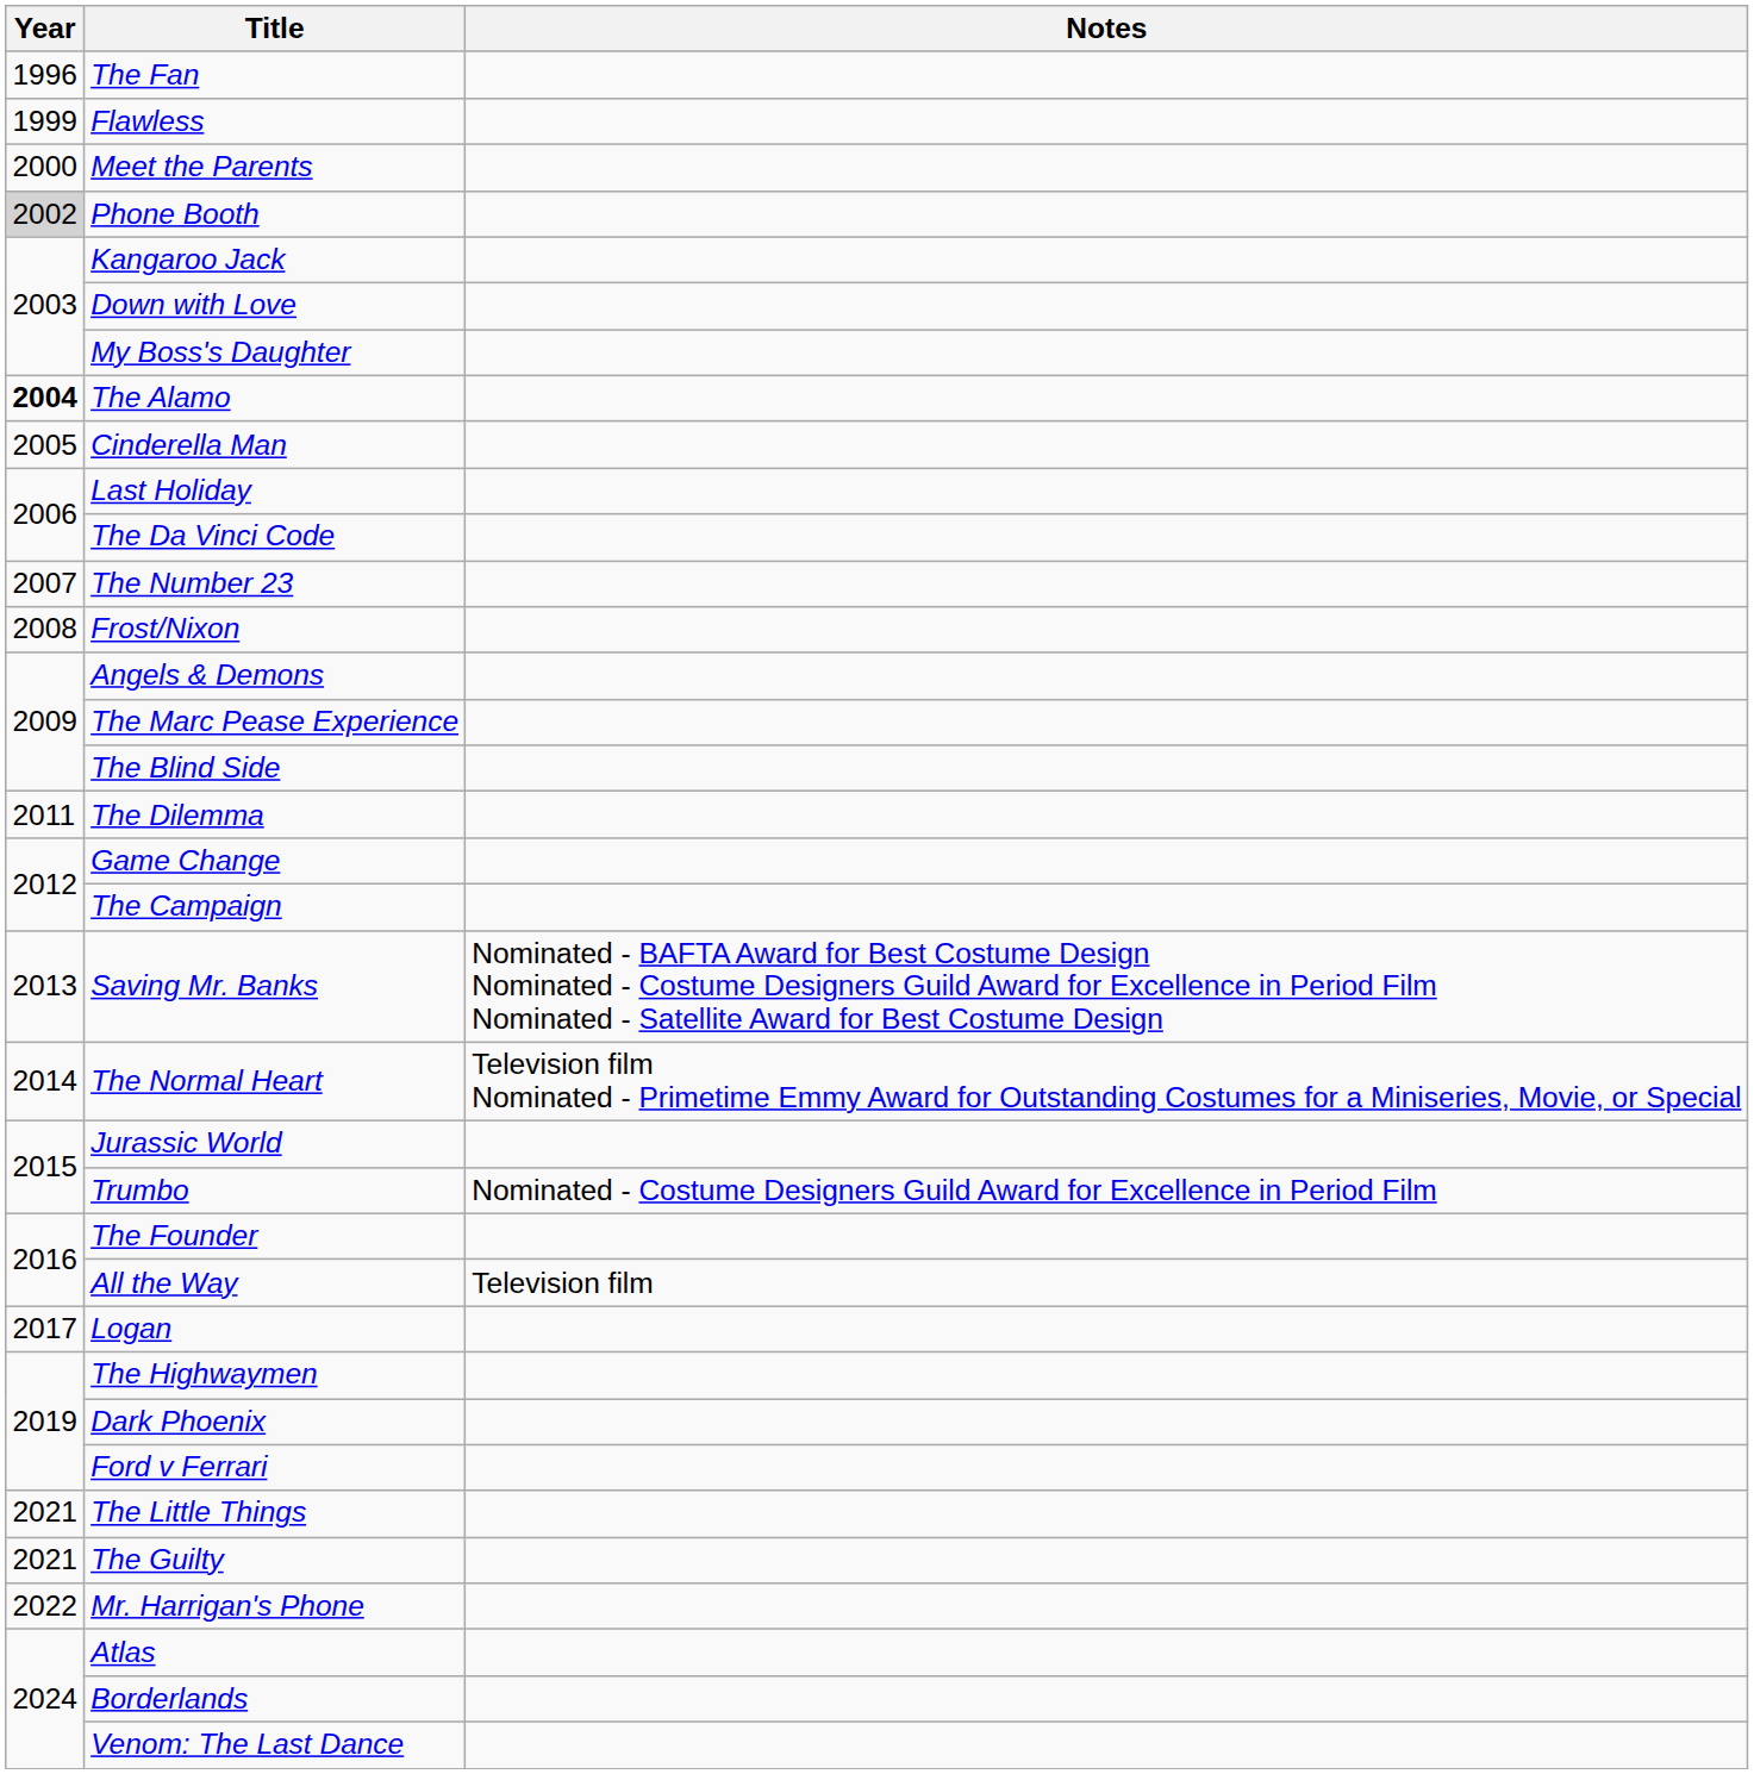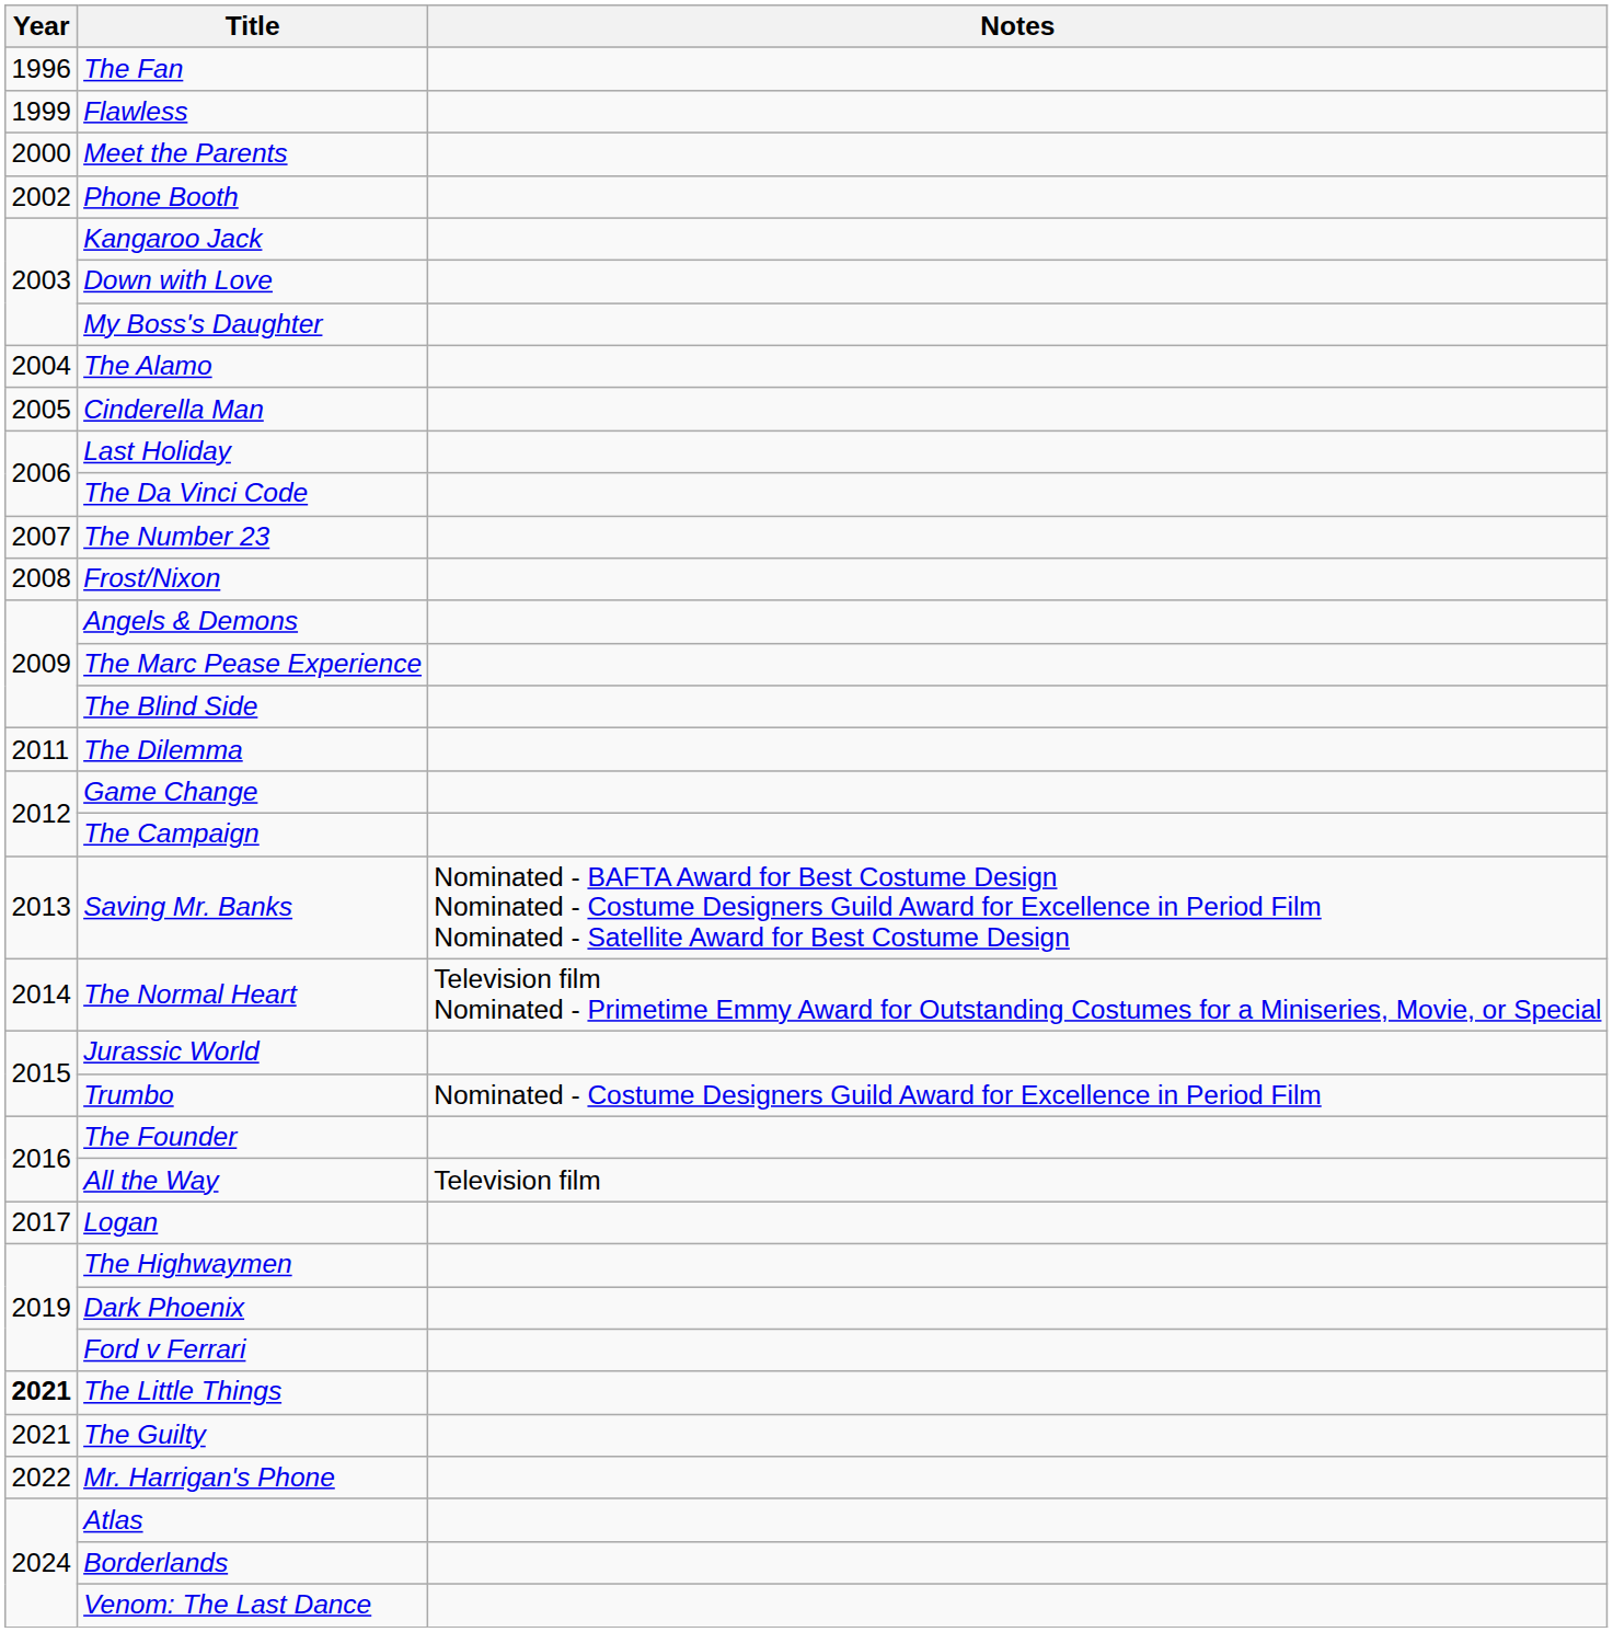 <table class="wikitable">
 <tr>
 <th>Year</th>
 <th>Title</th>
 <th class="unsortable">Notes</th>
 </tr>
 <tr>
 <td>1996</td>
 <td><em><a href='#'>The Fan</a></em></td>
 <td></td>
 </tr>
 <tr>
 <td>1999</td>
 <td><em><a href='#'>Flawless</a></em></td>
 <td></td>
 </tr>
 <tr>
 <td>2000</td>
 <td><em><a href='#'>Meet the Parents</a></em></td>
 <td></td>
 </tr>
 <tr>
-<td style="background: lightgrey;">2002</td>
+<td>2002</td>
 <td><em><a href='#'>Phone Booth</a></em></td>
 <td></td>
 </tr>
 <tr>
 <td rowspan=3>2003</td>
 <td><em><a href='#'>Kangaroo Jack</a></em></td>
 <td></td>
 </tr>
 <tr>
 <td><em><a href='#'>Down with Love</a></em></td>
 <td></td>
 </tr>
 <tr>
 <td><em><a href='#'>My Boss's Daughter</a></em></td>
 <td></td>
 </tr>
 <tr>
-<td><strong>2004</strong></td>
+<td>2004</td>
 <td><em><a href='#'>The Alamo</a></em></td>
 <td></td>
 </tr>
 <tr>
 <td>2005</td>
 <td><em><a href='#'>Cinderella Man</a></em></td>
 <td></td>
 </tr>
 <tr>
 <td rowspan=2>2006</td>
 <td><em><a href='#'>Last Holiday</a></em></td>
 <td></td>
 </tr>
 <tr>
 <td><em><a href='#'>The Da Vinci Code</a></em></td>
 <td></td>
 </tr>
 <tr>
 <td>2007</td>
 <td><em><a href='#'>The Number 23</a></em></td>
 <td></td>
 </tr>
 <tr>
 <td>2008</td>
 <td><em><a href='#'>Frost/Nixon</a></em></td>
 <td></td>
 </tr>
 <tr>
 <td rowspan=3>2009</td>
 <td><em><a href='#'>Angels & Demons</a></em></td>
 <td></td>
 </tr>
 <tr>
 <td><em><a href='#'>The Marc Pease Experience</a></em></td>
 <td></td>
 </tr>
 <tr>
 <td><em><a href='#'>The Blind Side</a></em></td>
 <td></td>
 </tr>
 <tr>
 <td>2011</td>
 <td><em><a href='#'>The Dilemma</a></em></td>
 <td></td>
 </tr>
 <tr>
 <td rowspan=2>2012</td>
 <td><em><a href='#'>Game Change</a></em></td>
 <td></td>
 </tr>
 <tr>
 <td><em><a href='#'>The Campaign</a></em></td>
 <td></td>
 </tr>
 <tr>
 <td>2013</td>
 <td><em><a href='#'>Saving Mr. Banks</a></em></td>
 <td>Nominated - <a href='#'>BAFTA Award for Best Costume Design</a><br>Nominated - <a href='#'>Costume Designers Guild Award for Excellence in Period Film</a><br>Nominated - <a href='#'>Satellite Award for Best Costume Design</a></td>
 </tr>
 <tr>
 <td>2014</td>
 <td><em><a href='#'>The Normal Heart</a></em></td>
 <td>Television film<br>Nominated - <a href='#'>Primetime Emmy Award for Outstanding Costumes for a Miniseries, Movie, or Special</a></td>
 </tr>
 <tr>
 <td rowspan=2>2015</td>
 <td><em><a href='#'>Jurassic World</a></em></td>
 <td></td>
 </tr>
 <tr>
 <td><em><a href='#'>Trumbo</a></em></td>
 <td>Nominated - <a href='#'>Costume Designers Guild Award for Excellence in Period Film</a></td>
 </tr>
 <tr>
 <td rowspan=2>2016</td>
 <td><em><a href='#'>The Founder</a></em></td>
 <td></td>
 </tr>
 <tr>
 <td><em><a href='#'>All the Way</a></em></td>
 <td>Television film</td>
 </tr>
 <tr>
 <td>2017</td>
 <td><em><a href='#'>Logan</a></em></td>
 <td></td>
 </tr>
 <tr>
 <td rowspan=3>2019</td>
 <td><em><a href='#'>The Highwaymen</a></em></td>
 <td></td>
 </tr>
 <tr>
 <td><em><a href='#'>Dark Phoenix</a></em></td>
 <td></td>
 </tr>
 <tr>
 <td><em><a href='#'>Ford v Ferrari</a></em></td>
 <td></td>
 </tr>
 <tr>
-<td>2021</td>
+<td><strong>2021</strong></td>
 <td><em><a href='#'>The Little Things</a></em></td>
 <td></td>
 </tr>
 <tr>
 <td>2021</td>
 <td><em><a href='#'>The Guilty</a></em></td>
 <td></td>
 </tr>
 <tr>
 <td>2022</td>
 <td><em><a href='#'>Mr. Harrigan's Phone</a></em></td>
 <td></td>
 </tr>
 <tr>
 <td rowspan=3>2024</td>
 <td><em><a href='#'>Atlas</a></em></td>
 <td></td>
 </tr>
 <tr>
 <td><em><a href='#'>Borderlands</a></em></td>
 <td></td>
 </tr>
 <tr>
 <td><em><a href='#'>Venom: The Last Dance</a></em></td>
 <td></td>
 </tr>
 </table>
